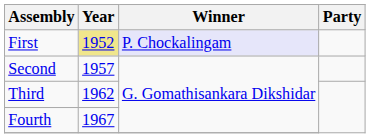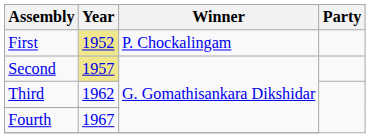 <table class="wikitable sortable">
 <tr>
 <th>Assembly</th>
 <th>Year</th>
 <th>Winner</th>
 <th colspan="2">Party</th>
 </tr>
 <tr>
 <td><a href='#'>First</a></td>
 <td style="background: khaki;"><a href='#'>1952</a></td>
-<td style="background: lavender;"><a href='#'>P. Chockalingam</a></td>
+<td><a href='#'>P. Chockalingam</a></td>
 <td></td>
 </tr>
 <tr>
 <td><a href='#'>Second</a></td>
-<td><a href='#'>1957</a></td>
+<td style="background: khaki;"><a href='#'>1957</a></td>
 <td rowspan=3><a href='#'>G. Gomathisankara Dikshidar</a></td>
 <td></td>
 </tr>
 <tr>
 <td><a href='#'>Third</a></td>
 <td><a href='#'>1962</a></td>
 </tr>
 <tr>
 <td><a href='#'>Fourth</a></td>
 <td><a href='#'>1967</a></td>
 </tr>
 <tr>
 </tr>
 </table>
